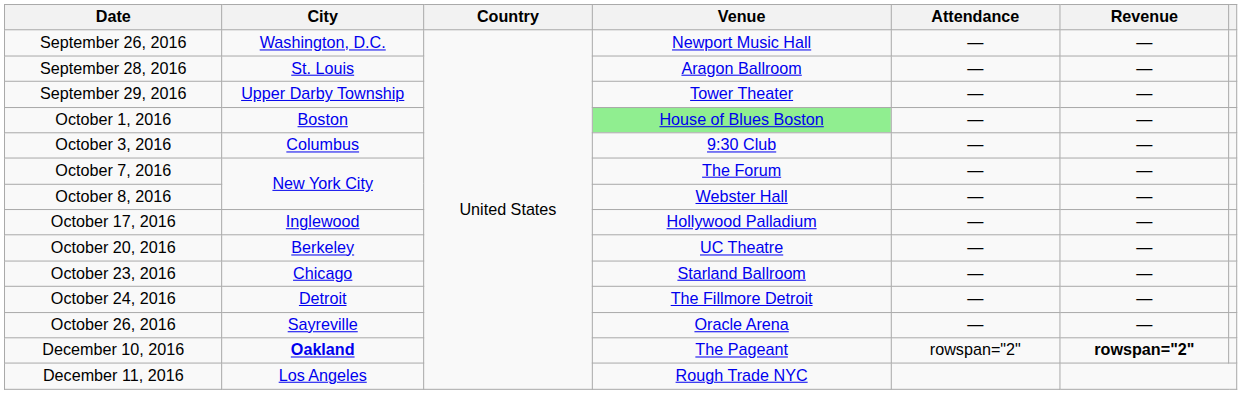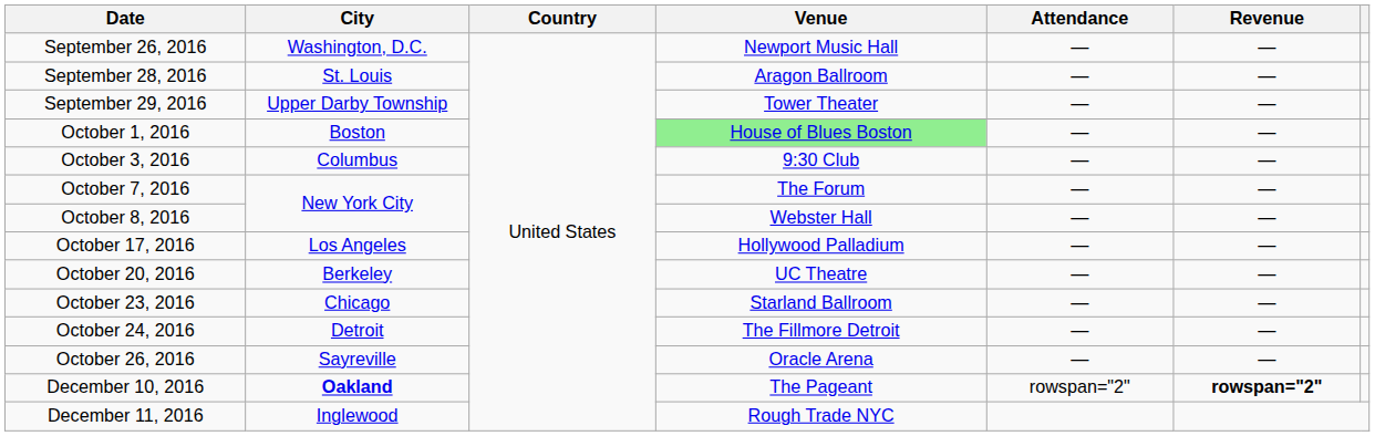 <table class="wikitable plainrowheaders" style="text-align:center;">
 <tr>
 <th scope="col" style="width:13em;">Date</th>
 <th scope="col" style="width:12em;">City</th>
 <th scope="col" style="width:10em;">Country</th>
 <th scope="col" style="width:18em;">Venue</th>
 <th scope="col" style="width:10em;">Attendance</th>
 <th scope="col" style="width:10em;">Revenue</th>
 <th scope="col"></th>
 </tr>
 <tr>
 <td>September 26, 2016</td>
 <td><a href='#'>Washington, D.C.</a></td>
 <td rowspan="14">United States</td>
 <td><a href='#'>Newport Music Hall</a></td>
 <td>—</td>
 <td>—</td>
 <td></td>
 </tr>
 <tr>
 <td>September 28, 2016</td>
 <td><a href='#'>St. Louis</a></td>
 <td><a href='#'>Aragon Ballroom</a></td>
 <td>—</td>
 <td>—</td>
 <td></td>
 </tr>
 <tr>
 <td>September 29, 2016</td>
 <td><a href='#'>Upper Darby Township</a></td>
 <td><a href='#'>Tower Theater</a></td>
 <td>—</td>
 <td>—</td>
 <td></td>
 </tr>
 <tr>
 <td>October 1, 2016</td>
 <td><a href='#'>Boston</a></td>
 <td style="background: lightgreen;"><a href='#'>House of Blues Boston</a></td>
 <td>—</td>
 <td>—</td>
 <td></td>
 </tr>
 <tr>
 <td>October 3, 2016</td>
 <td><a href='#'>Columbus</a></td>
 <td><a href='#'>9:30 Club</a></td>
 <td>—</td>
 <td>—</td>
 <td></td>
 </tr>
 <tr>
 <td>October 7, 2016</td>
 <td rowspan="2"><a href='#'>New York City</a></td>
 <td><a href='#'>The Forum</a></td>
 <td>—</td>
 <td>—</td>
 <td></td>
 </tr>
 <tr>
 <td>October 8, 2016</td>
 <td><a href='#'>Webster Hall</a></td>
 <td>—</td>
 <td>—</td>
 <td></td>
 </tr>
 <tr>
 <td>October 17, 2016</td>
-<td><a href='#'>Inglewood</a></td>
+<td><a href='#'>Los Angeles</a></td>
 <td><a href='#'>Hollywood Palladium</a></td>
 <td>—</td>
 <td>—</td>
 <td></td>
 </tr>
 <tr>
 <td>October 20, 2016</td>
 <td><a href='#'>Berkeley</a></td>
 <td><a href='#'>UC Theatre</a></td>
 <td>—</td>
 <td>—</td>
 <td></td>
 </tr>
 <tr>
 <td>October 23, 2016</td>
 <td><a href='#'>Chicago</a></td>
 <td><a href='#'>Starland Ballroom</a></td>
 <td>—</td>
 <td>—</td>
 <td></td>
 </tr>
 <tr>
 <td>October 24, 2016</td>
 <td><a href='#'>Detroit</a></td>
 <td><a href='#'>The Fillmore Detroit</a></td>
 <td>—</td>
 <td>—</td>
 <td></td>
 </tr>
 <tr>
 <td>October 26, 2016</td>
 <td><a href='#'>Sayreville</a></td>
 <td><a href='#'>Oracle Arena</a></td>
 <td>—</td>
 <td>—</td>
 <td></td>
 </tr>
 <tr>
 <td>December 10, 2016</td>
 <td><strong><a href='#'>Oakland</a></strong></td>
 <td><a href='#'>The Pageant</a></td>
 <td>rowspan="2" </td>
 <td><strong>rowspan="2" </strong></td>
 <td></td>
 </tr>
 <tr>
 <td>December 11, 2016</td>
-<td><a href='#'>Los Angeles</a></td>
+<td><a href='#'>Inglewood</a></td>
 <td><a href='#'>Rough Trade NYC</a></td>
 <td></td>
 </tr>
 </table>
